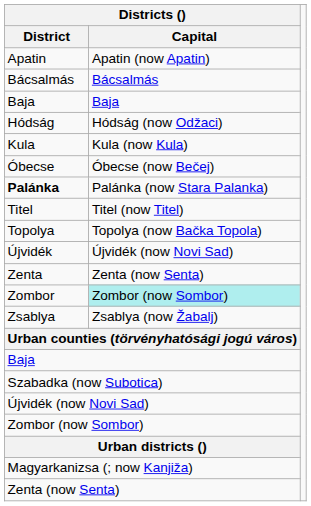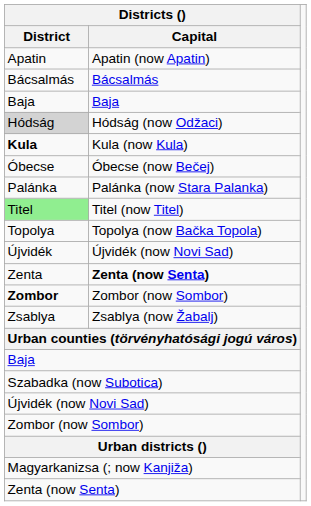 <table class="wikitable">
 <tr>
 <th colspan=2>Districts ()</th>
 <td rowspan=23></td>
 </tr>
 <tr>
 <th>District</th>
 <th>Capital</th>
 </tr>
 <tr>
 <td> Apatin</td>
 <td>Apatin (now <a href='#'>Apatin</a>)</td>
 </tr>
 <tr>
 <td> Bácsalmás</td>
 <td><a href='#'>Bácsalmás</a></td>
 </tr>
 <tr>
 <td> Baja</td>
 <td><a href='#'>Baja</a></td>
 </tr>
 <tr>
-<td> Hódság</td>
+<td style="background: lightgrey;"> Hódság</td>
 <td>Hódság (now <a href='#'>Odžaci</a>)</td>
 </tr>
 <tr>
-<td> Kula</td>
+<td><strong> Kula</strong></td>
 <td>Kula (now <a href='#'>Kula</a>)</td>
 </tr>
 <tr>
 <td> Óbecse</td>
 <td>Óbecse (now <a href='#'>Bečej</a>)</td>
 </tr>
 <tr>
-<td><strong> Palánka</strong></td>
+<td> Palánka</td>
 <td>Palánka (now <a href='#'>Stara Palanka</a>)</td>
 </tr>
 <tr>
-<td> Titel</td>
+<td style="background: lightgreen;"> Titel</td>
 <td>Titel (now <a href='#'>Titel</a>)</td>
 </tr>
 <tr>
 <td> Topolya</td>
 <td>Topolya (now <a href='#'>Bačka Topola</a>)</td>
 </tr>
 <tr>
 <td> Újvidék</td>
 <td>Újvidék (now <a href='#'>Novi Sad</a>)</td>
 </tr>
 <tr>
 <td> Zenta</td>
-<td>Zenta (now <a href='#'>Senta</a>)</td>
+<td><strong>Zenta (now <a href='#'>Senta</a>)</strong></td>
 </tr>
 <tr>
-<td> Zombor</td>
-<td style="background: paleturquoise;">Zombor (now <a href='#'>Sombor</a>)</td>
+<td><strong> Zombor</strong></td>
+<td>Zombor (now <a href='#'>Sombor</a>)</td>
 </tr>
 <tr>
 <td> Zsablya</td>
 <td>Zsablya (now <a href='#'>Žabalj</a>)</td>
 </tr>
 <tr>
 <th colspan=2>Urban counties (<em>törvényhatósági jogú város</em>)</th>
 </tr>
 <tr>
 <td colspan=2> <a href='#'>Baja</a></td>
 </tr>
 <tr>
 <td colspan=2> Szabadka (now <a href='#'>Subotica</a>)</td>
 </tr>
 <tr>
 <td colspan=2> Újvidék (now <a href='#'>Novi Sad</a>)</td>
 </tr>
 <tr>
 <td colspan=2> Zombor (now <a href='#'>Sombor</a>)</td>
 </tr>
 <tr>
 <th colspan=2>Urban districts ()</th>
 </tr>
 <tr>
 <td colspan=2>Magyarkanizsa (<em></em>; now <a href='#'>Kanjiža</a>)</td>
 </tr>
 <tr>
 <td colspan=2> Zenta (now <a href='#'>Senta</a>)</td>
 </tr>
 </table>
